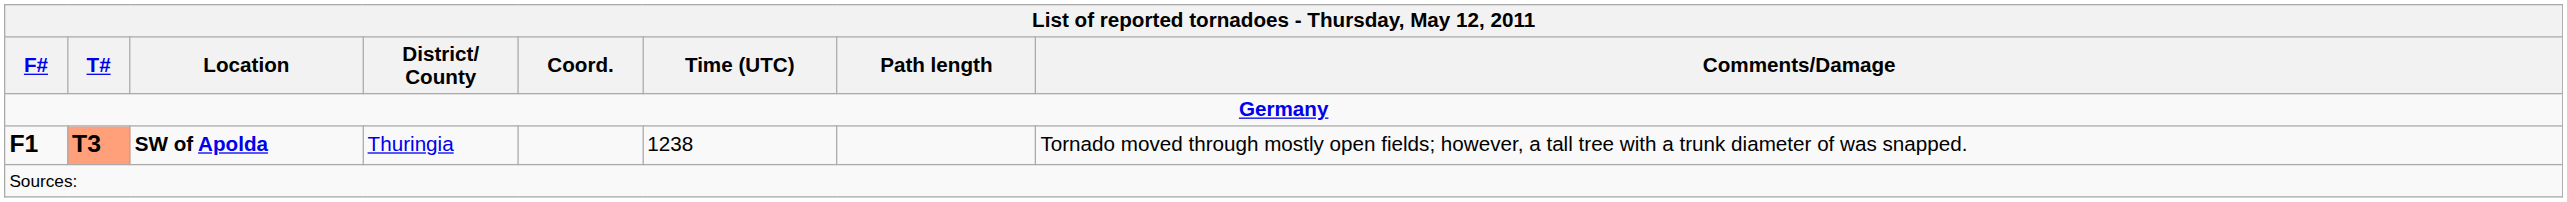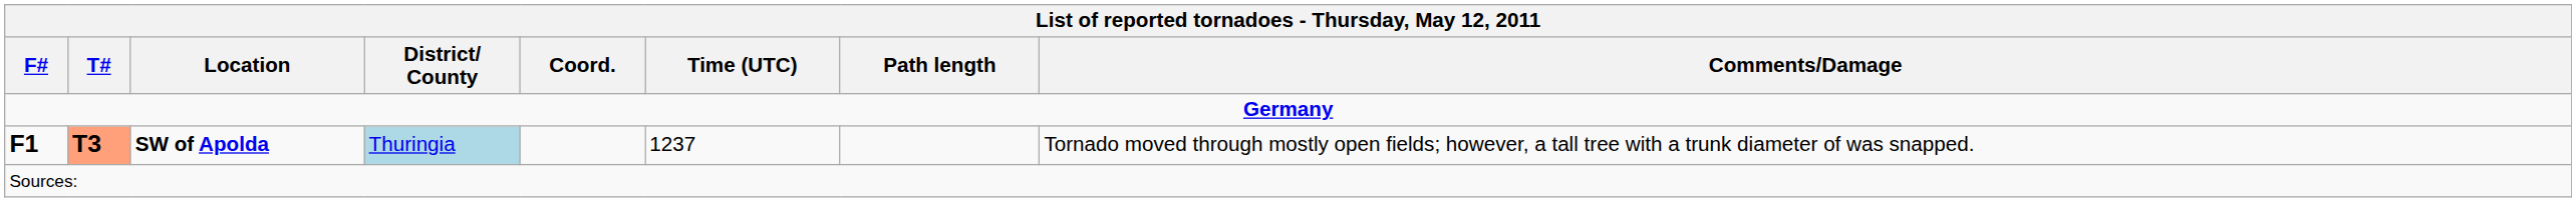 <table class="wikitable collapsible" width="100%">
 <tr>
 <th colspan="8">List of reported tornadoes - Thursday, May 12, 2011</th>
 </tr>
 <tr>
 <th><a href='#'>F#</a></th>
 <th><a href='#'>T#</a></th>
 <th>Location</th>
 <th>District/<br>County</th>
 <th>Coord.</th>
 <th>Time (UTC)</th>
 <th>Path length</th>
 <th>Comments/Damage</th>
 </tr>
 <tr>
 <td colspan="8" align=center><strong><a href='#'>Germany</a></strong></td>
 </tr>
 <tr>
 <td><big><strong>F1</strong></big></td>
 <td style="background: lightsalmon;"><big><strong>T3</strong></big></td>
 <td><strong>SW of <a href='#'>Apolda</a></strong></td>
-<td><a href='#'>Thuringia</a></td>
+<td style="background: lightblue;"><a href='#'>Thuringia</a></td>
 <td></td>
-<td>1238</td>
+<td>1237</td>
 <td></td>
 <td>Tornado moved through mostly open fields; however, a  tall tree with a trunk diameter of  was snapped.</td>
 </tr>
 <tr>
 <td colspan="8"><small>Sources:  </small></td>
 </tr>
 </table>
